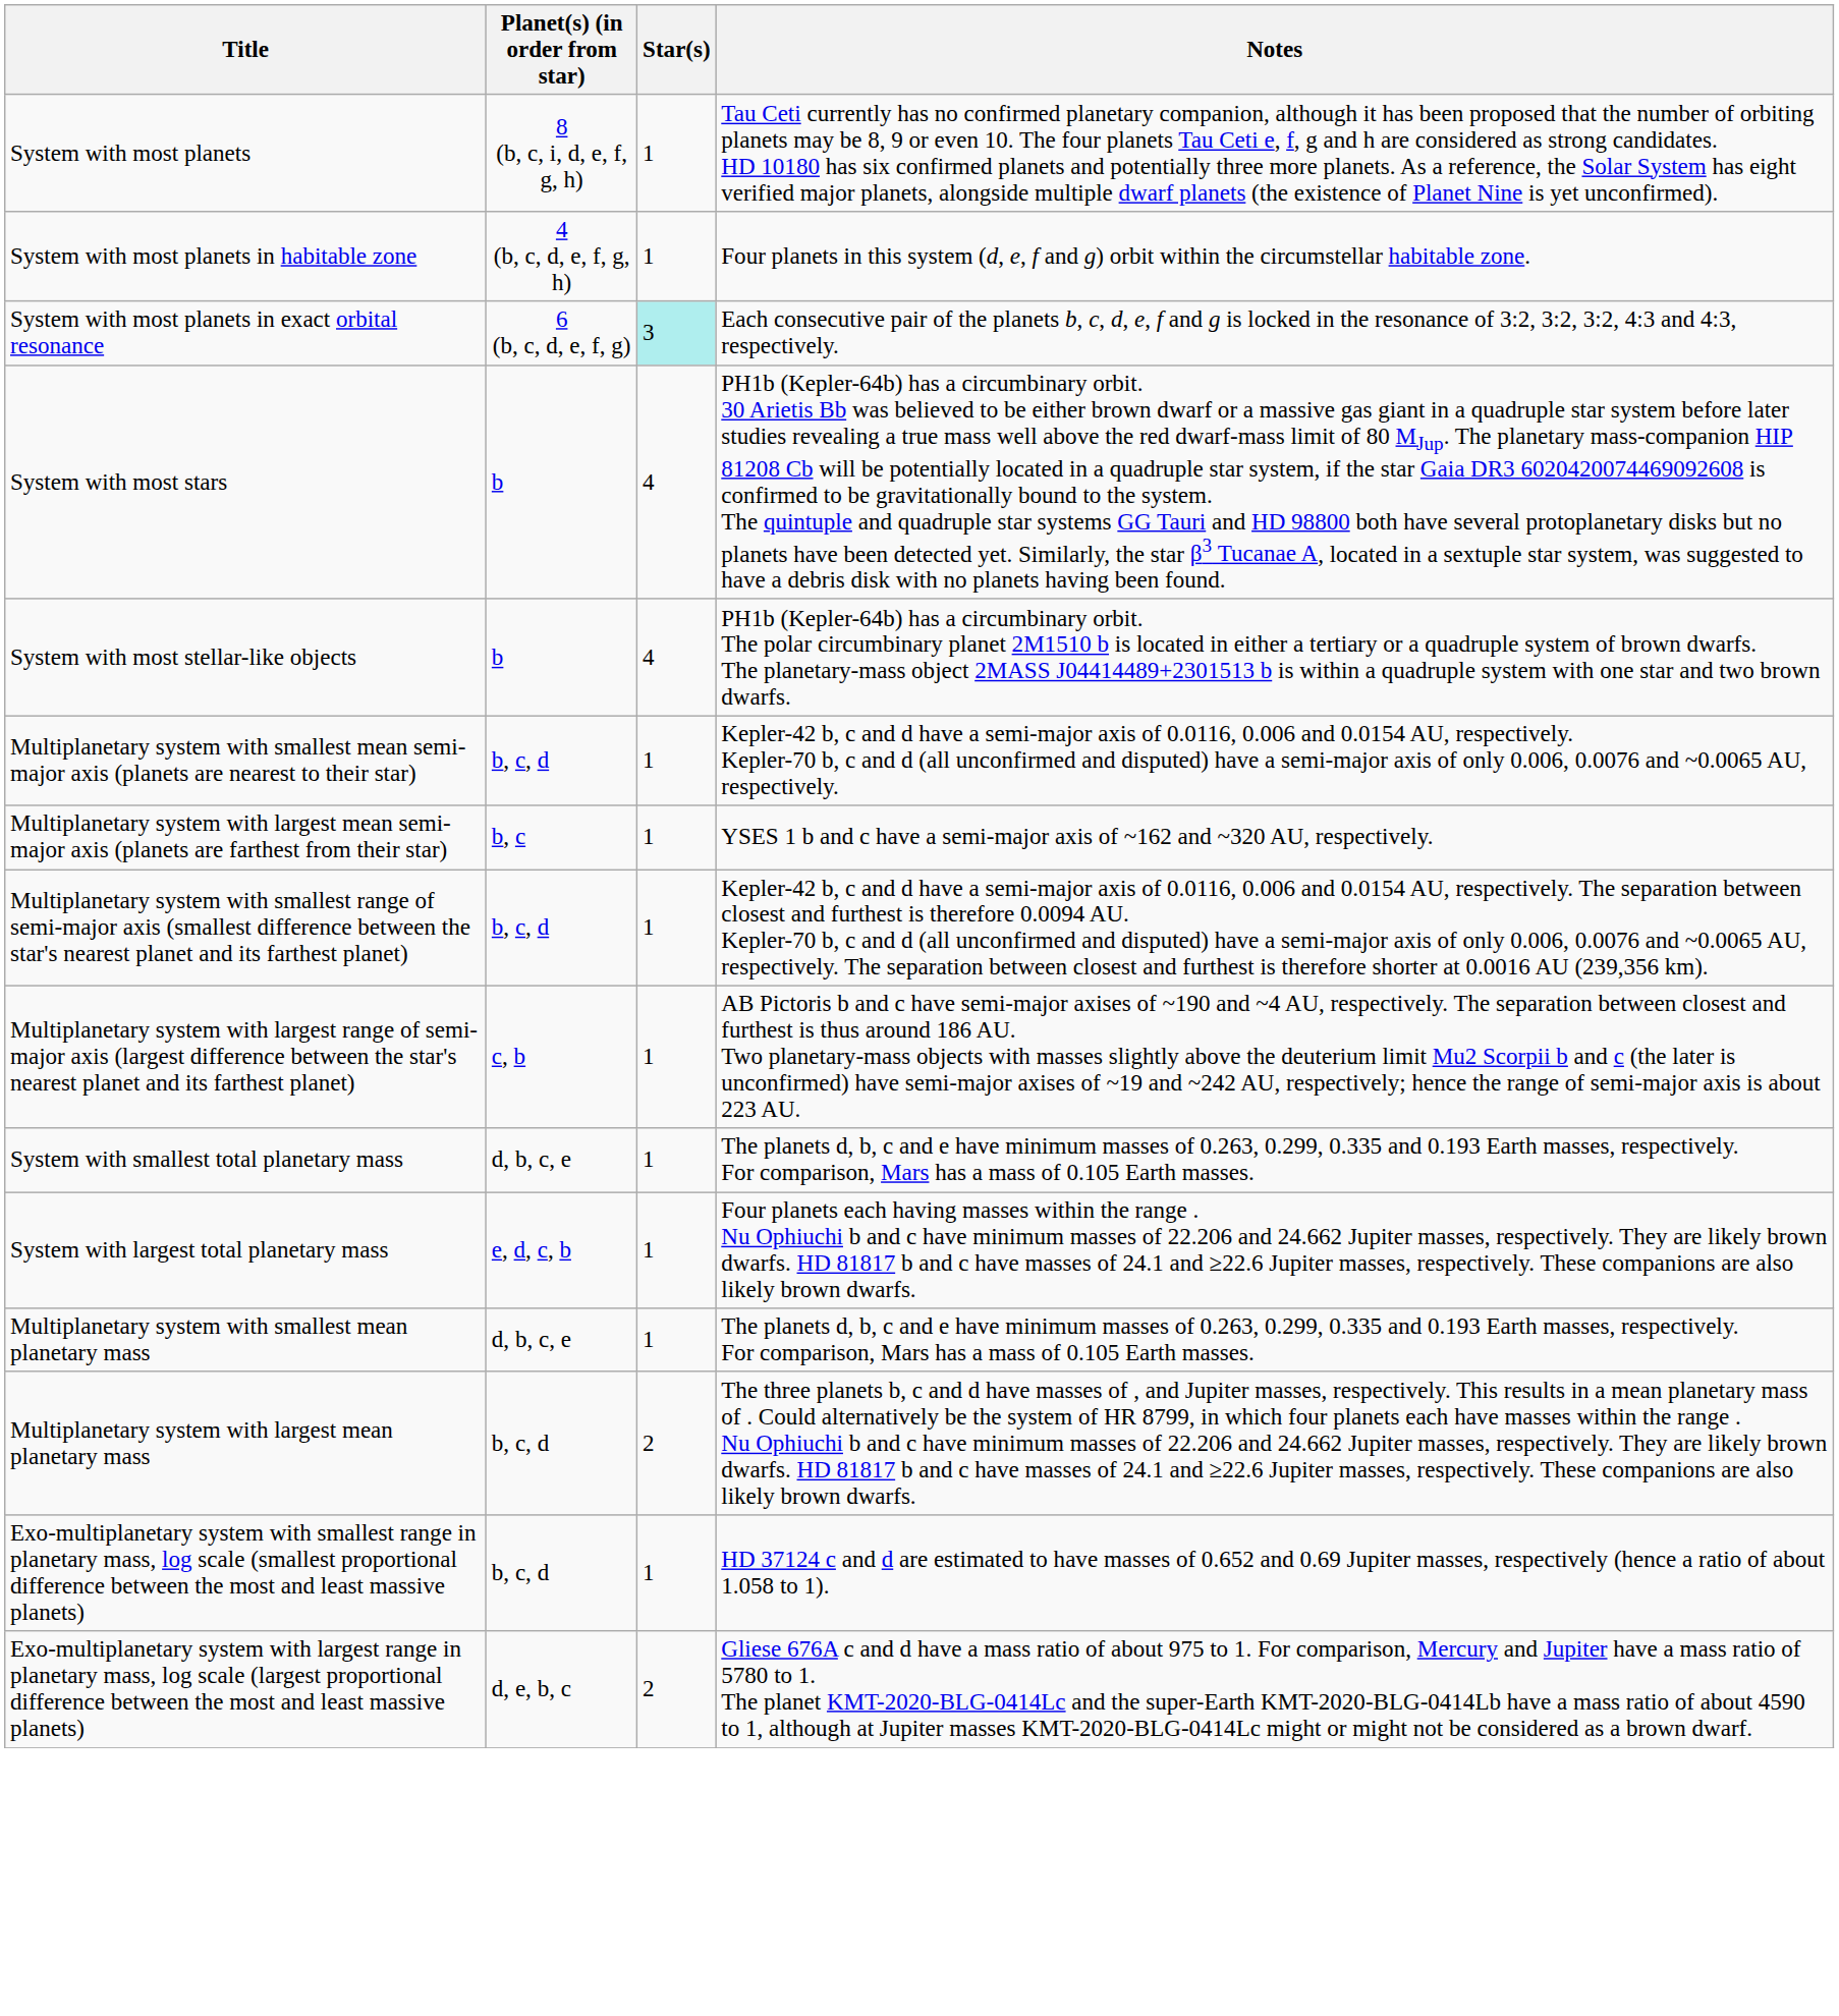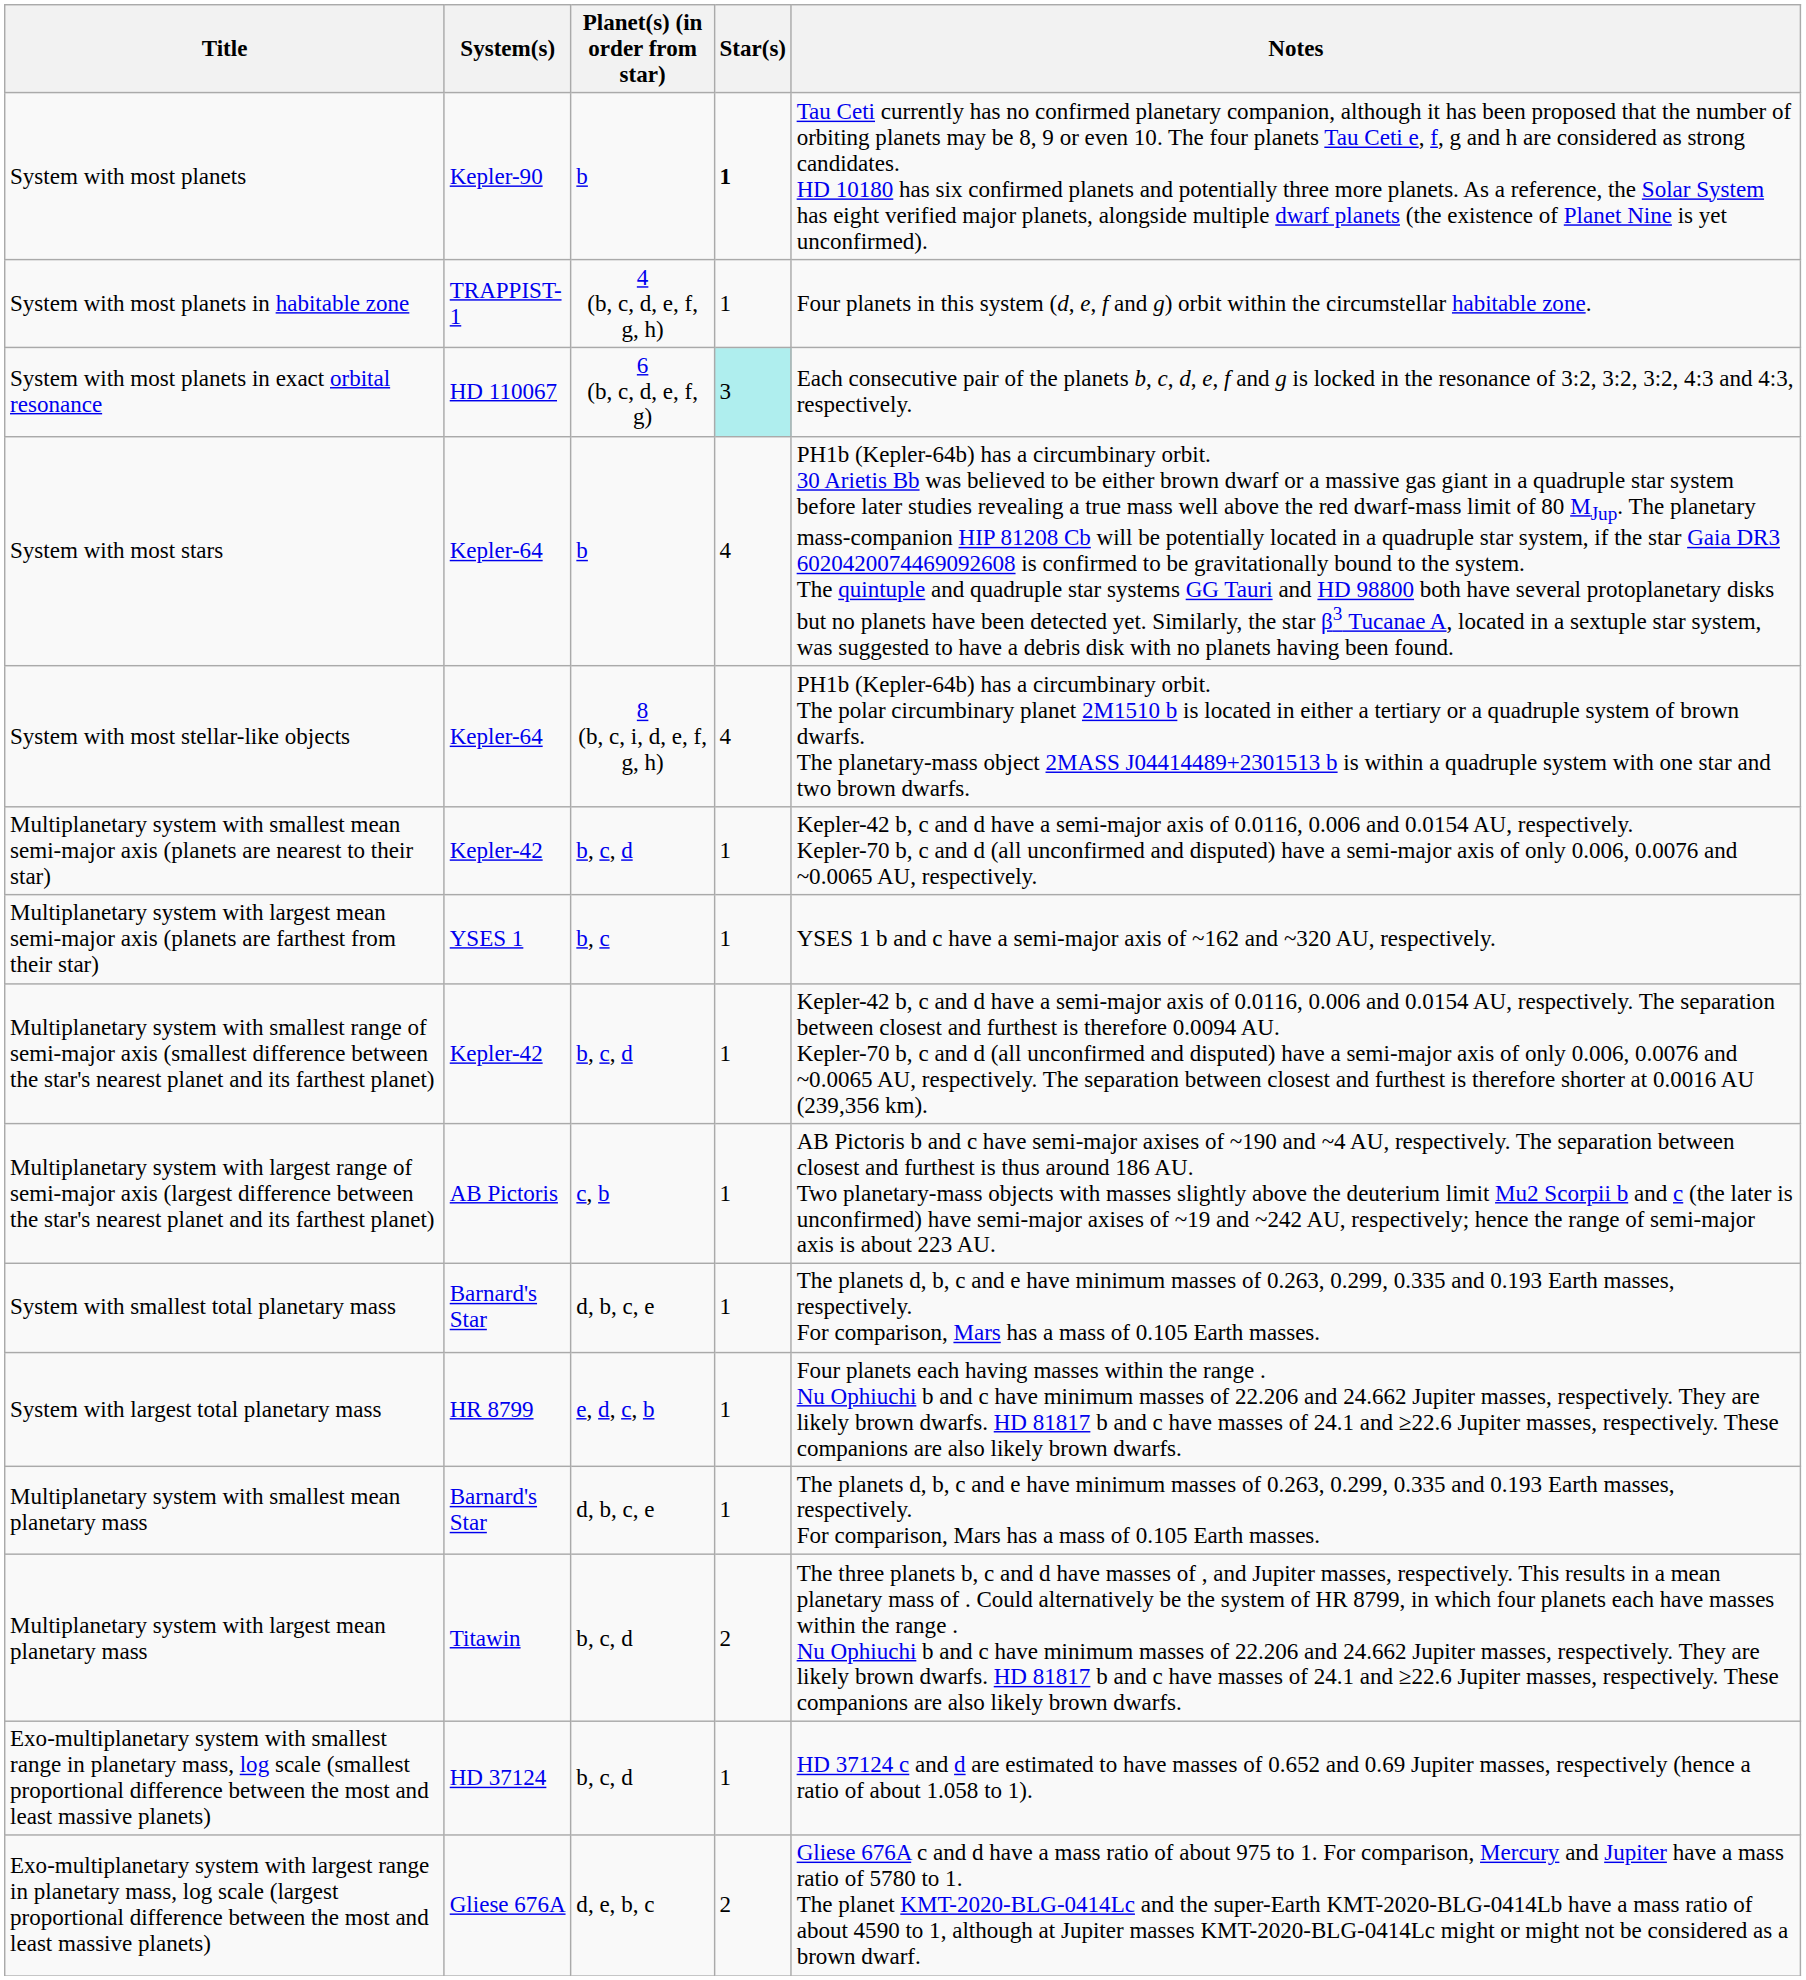 <table class="wikitable sticky-header">
 <tr>
 <th>Title</th>
+<th>System(s)</th>
 <th>Planet(s) (in order from star)</th>
 <th>Star(s)</th>
 <th>Notes</th>
 </tr>
 <tr>
 <td>System with most planets</td>
-<td style="text-align:center;"><a href='#'>8</a> <br>(b, c, i, d, e, f, g, h)</td>
-<td>1</td>
+<td><a href='#'>Kepler-90</a></td>
+<td><a href='#'>b</a></td>
+<td><strong>1</strong></td>
 <td><a href='#'>Tau Ceti</a> currently has no confirmed planetary companion, although it has been proposed that the number of orbiting planets may be 8, 9 or even 10. The four planets <a href='#'>Tau Ceti e</a>, <a href='#'>f</a>, g and h are considered as strong candidates.<br><a href='#'>HD 10180</a> has six confirmed planets and potentially three more planets. As a reference, the <a href='#'>Solar System</a> has eight verified major planets, alongside multiple <a href='#'>dwarf planets</a> (the existence of <a href='#'>Planet Nine</a> is yet unconfirmed).</td>
 </tr>
 <tr>
 <td>System with most planets in <a href='#'>habitable zone</a></td>
+<td><a href='#'>TRAPPIST-1</a></td>
 <td style="text-align:center;"><a href='#'>4</a> <br>(b, c, d, e, f, g, h)</td>
 <td>1</td>
 <td>Four planets in this system (<em>d</em>, <em>e</em>, <em>f</em> and <em>g</em>) orbit within the circumstellar <a href='#'>habitable zone</a>.</td>
 </tr>
 <tr>
 <td>System with most planets in exact <a href='#'>orbital resonance</a></td>
+<td><a href='#'>HD 110067</a></td>
 <td style="text-align:center;"><a href='#'>6</a> <br>(b, c, d, e, f, g)</td>
 <td style="background: paleturquoise;">3</td>
 <td>Each consecutive pair of the planets <em>b</em>, <em>c</em>, <em>d</em>, <em>e</em>, <em>f</em> and <em>g</em> is locked in the resonance of 3:2, 3:2, 3:2, 4:3 and 4:3, respectively.</td>
 </tr>
 <tr>
 <td>System with most stars</td>
+<td><a href='#'>Kepler-64</a></td>
 <td><a href='#'>b</a></td>
 <td>4</td>
 <td>PH1b (Kepler-64b) has a circumbinary orbit.<br><a href='#'>30 Arietis Bb</a> was believed to be either brown dwarf or a massive gas giant in a quadruple star system before later studies revealing a true mass well above the red dwarf-mass limit of 80 <a href='#'>M<sub>Jup</sub></a>. The planetary mass-companion <a href='#'>HIP 81208 Cb</a> will be potentially located in a quadruple star system, if the star <a href='#'>Gaia DR3 6020420074469092608</a> is confirmed to be gravitationally bound to the system.<br>The <a href='#'>quintuple</a> and quadruple star systems <a href='#'>GG Tauri</a> and <a href='#'>HD 98800</a> both have several protoplanetary disks but no planets have been detected yet. Similarly, the star <a href='#'>β<sup>3</sup> Tucanae A</a>, located in a sextuple star system, was suggested to have a debris disk with no planets having been found.</td>
 </tr>
 <tr>
 <td>System with most stellar-like objects</td>
-<td><a href='#'>b</a></td>
+<td><a href='#'>Kepler-64</a></td>
+<td style="text-align:center;"><a href='#'>8</a> <br>(b, c, i, d, e, f, g, h)</td>
 <td>4</td>
 <td>PH1b (Kepler-64b) has a circumbinary orbit.<br>The polar circumbinary planet <a href='#'>2M1510 b</a> is located in either a tertiary or a quadruple system of brown dwarfs.<br>The planetary-mass object <a href='#'>2MASS J04414489+2301513 b</a> is within a quadruple system with one star and two brown dwarfs.</td>
 </tr>
 <tr>
 <td>Multiplanetary system with smallest mean semi-major axis (planets are nearest to their star)</td>
+<td><a href='#'>Kepler-42</a></td>
 <td><a href='#'>b</a>, <a href='#'>c</a>, <a href='#'>d</a></td>
 <td>1</td>
 <td>Kepler-42 b, c and d have a semi-major axis of 0.0116, 0.006 and 0.0154 AU, respectively.<br>Kepler-70 b, c and d (all unconfirmed and disputed) have a semi-major axis of only 0.006, 0.0076 and ~0.0065 AU, respectively.</td>
 </tr>
 <tr>
 <td>Multiplanetary system with largest mean semi-major axis (planets are farthest from their star)</td>
+<td><a href='#'>YSES 1</a></td>
 <td><a href='#'>b</a>, <a href='#'>c</a></td>
 <td>1</td>
 <td>YSES 1 b and c have a semi-major axis of ~162 and ~320 AU, respectively.</td>
 </tr>
 <tr>
 <td>Multiplanetary system with smallest range of semi-major axis (smallest difference between the star's nearest planet and its farthest planet)</td>
+<td><a href='#'>Kepler-42</a></td>
 <td><a href='#'>b</a>, <a href='#'>c</a>, <a href='#'>d</a></td>
 <td>1</td>
 <td>Kepler-42 b, c and d have a semi-major axis of 0.0116, 0.006 and 0.0154 AU, respectively. The separation between closest and furthest is therefore 0.0094 AU.<br>Kepler-70 b, c and d (all unconfirmed and disputed) have a semi-major axis of only 0.006, 0.0076 and ~0.0065 AU, respectively. The separation between closest and furthest is therefore shorter at 0.0016 AU (239,356 km).</td>
 </tr>
 <tr>
 <td>Multiplanetary system with largest range of semi-major axis (largest difference between the star's nearest planet and its farthest planet)</td>
+<td><a href='#'>AB Pictoris</a></td>
 <td><a href='#'>c</a>, <a href='#'>b</a></td>
 <td>1</td>
 <td>AB Pictoris b and c have semi-major axises of ~190 and ~4 AU, respectively. The separation between closest and furthest is thus around 186 AU.<br>Two planetary-mass objects with masses slightly above the deuterium limit <a href='#'>Mu2 Scorpii b</a> and <a href='#'>c</a> (the later is unconfirmed) have semi-major axises of ~19 and ~242 AU, respectively; hence the range of semi-major axis is about 223 AU. </td>
 </tr>
 <tr>
 <td>System with smallest total planetary mass</td>
+<td><a href='#'>Barnard's Star</a></td>
 <td>d, b, c, e</td>
 <td>1</td>
 <td>The planets d, b, c and e have minimum masses of 0.263, 0.299, 0.335 and 0.193 Earth masses, respectively.<br>For comparison, <a href='#'>Mars</a> has a mass of 0.105 Earth masses.</td>
 </tr>
 <tr>
 <td>System with largest total planetary mass</td>
+<td><a href='#'>HR 8799</a></td>
 <td><a href='#'>e</a>, <a href='#'>d</a>, <a href='#'>c</a>, <a href='#'>b</a></td>
 <td>1</td>
 <td>Four planets each having masses within the range .<br><a href='#'>Nu Ophiuchi</a> b and c have minimum masses of 22.206 and 24.662 Jupiter masses, respectively. They are likely brown dwarfs. <a href='#'>HD 81817</a> b and c have masses of 24.1 and ≥22.6 Jupiter masses, respectively. These companions are also likely brown dwarfs.<br></td>
 </tr>
 <tr>
 <td>Multiplanetary system with smallest mean planetary mass</td>
+<td><a href='#'>Barnard's Star</a></td>
 <td>d, b, c, e</td>
 <td>1</td>
 <td>The planets d, b, c and e have minimum masses of 0.263, 0.299, 0.335 and 0.193 Earth masses, respectively.<br>For comparison, Mars has a mass of 0.105 Earth masses. </td>
 </tr>
 <tr>
 <td>Multiplanetary system with largest mean planetary mass</td>
+<td><a href='#'>Titawin</a></td>
 <td>b, c, d</td>
 <td>2</td>
 <td>The three planets b, c and d have masses of ,  and  Jupiter masses, respectively. This results in a mean planetary mass of . Could alternatively be the system of HR 8799, in which four planets each have masses within the range .<br><a href='#'>Nu Ophiuchi</a> b and c have minimum masses of 22.206 and 24.662 Jupiter masses, respectively. They are likely brown dwarfs. <a href='#'>HD 81817</a> b and c have masses of 24.1 and ≥22.6 Jupiter masses, respectively. These companions are also likely brown dwarfs. </td>
 </tr>
 <tr>
 <td>Exo-multiplanetary system with smallest range in planetary mass, <a href='#'>log</a> scale (smallest proportional difference between the most and least massive planets)</td>
+<td><a href='#'>HD 37124</a></td>
 <td>b, c, d</td>
 <td>1</td>
 <td><a href='#'>HD 37124 c</a> and <a href='#'>d</a> are estimated to have masses of 0.652 and 0.69 Jupiter masses, respectively (hence a ratio of about 1.058 to 1).</td>
 </tr>
 <tr>
 <td>Exo-multiplanetary system with largest range in planetary mass, log scale (largest proportional difference between the most and least massive planets)</td>
+<td><a href='#'>Gliese 676A</a></td>
 <td>d, e, b, c</td>
 <td>2</td>
 <td><a href='#'>Gliese 676A</a> c and d have a mass ratio of about 975 to 1. For comparison, <a href='#'>Mercury</a> and <a href='#'>Jupiter</a> have a mass ratio of 5780 to 1.<br>The planet <a href='#'>KMT-2020-BLG-0414Lc</a> and the super-Earth KMT-2020-BLG-0414Lb have a mass ratio of about 4590 to 1, although at  Jupiter masses KMT-2020-BLG-0414Lc might or might not be considered as a brown dwarf. </td>
 </tr>
 </table>
